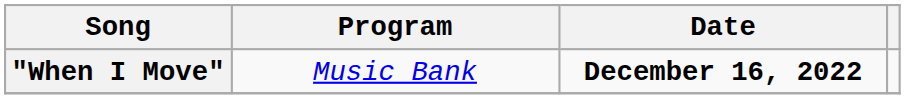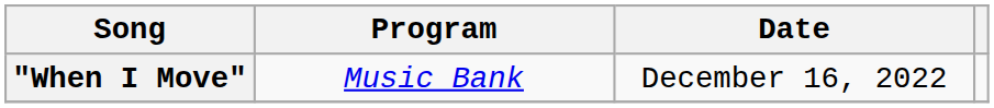 <table class="wikitable plainrowheaders" style="text-align:center;">
 <tr>
 <th>Song</th>
 <th width="150">Program</th>
 <th width="150">Date</th>
 <th class="unsortable"></th>
 </tr>
 <tr>
 <th scope="row">"When I Move"</th>
 <td><em><a href='#'>Music Bank</a></em></td>
-<td><strong>December 16, 2022</strong></td>
+<td>December 16, 2022</td>
 <td></td>
 </tr>
 <tr>
 </tr>
 </table>
